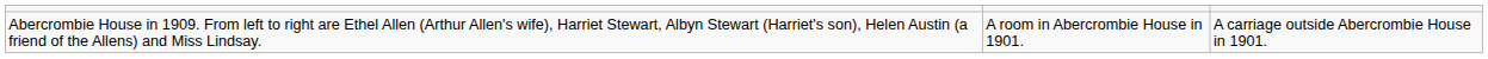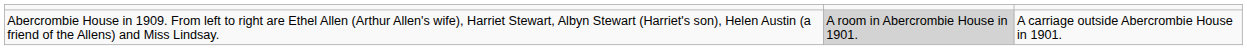 <table class="wikitable" border="1">
 <tr>
 <td></td>
 <td></td>
 <td></td>
 </tr>
 <tr>
 <td>Abercrombie House in 1909. From left to right are Ethel Allen (Arthur Allen's wife), Harriet Stewart, Albyn Stewart (Harriet's son), Helen Austin (a friend of the Allens) and Miss Lindsay.</td>
-<td>A room in Abercrombie House in 1901.</td>
+<td style="background: lightgrey;">A room in Abercrombie House in 1901.</td>
 <td>A carriage outside Abercrombie House in 1901.</td>
 </tr>
 </table>
